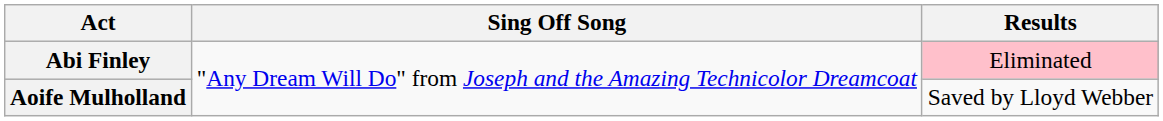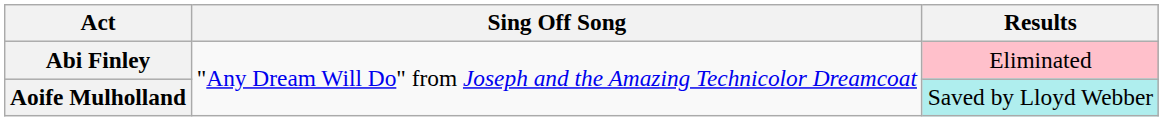 <table class="wikitable plainrowheaders" style="text-align:center;">
 <tr>
 <th scope="col">Act</th>
 <th scope="col">Sing Off Song</th>
 <th scope="col">Results</th>
 </tr>
 <tr>
 <th scope="row">Abi Finley</th>
 <td rowspan="2">"<a href='#'>Any Dream Will Do</a>" from <em><a href='#'>Joseph and the Amazing Technicolor Dreamcoat</a></em></td>
 <td style="background:pink;">Eliminated</td>
 </tr>
 <tr>
 <th scope="row">Aoife Mulholland</th>
-<td>Saved by Lloyd Webber</td>
+<td style="background: paleturquoise;">Saved by Lloyd Webber</td>
 </tr>
 </table>
